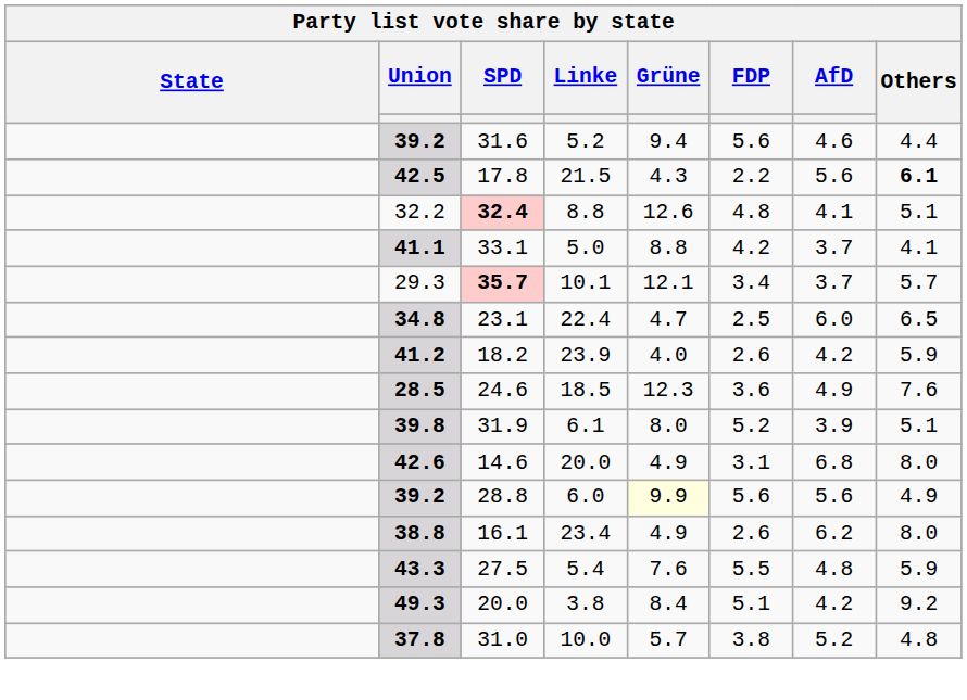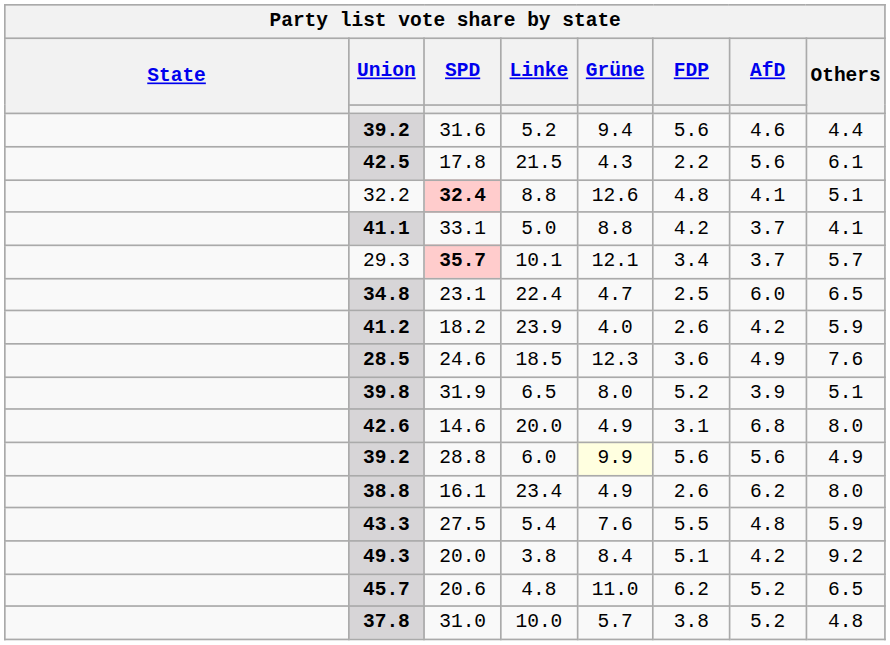 <table class="wikitable sortable" style="text-align:center;font-size:90%;line-height:14px">
 <tr>
 <th colspan=8>Party list vote share by state</th>
 </tr>
 <tr style="height:40px;">
 <th class="wikitable sortable" style="width:200px;" rowspan="2"><a href='#'>State</a></th>
 <th class="wikitable sortable" style="width:40px;"><a href='#'>Union</a></th>
 <th class="wikitable sortable" style="width:40px;"><a href='#'>SPD</a></th>
 <th class="wikitable sortable" style="width:40px;"><a href='#'>Linke</a></th>
 <th class="wikitable sortable" style="width:40px;"><a href='#'>Grüne</a></th>
 <th class="wikitable sortable" style="width:40px;"><a href='#'>FDP</a></th>
 <th class="wikitable sortable" style="width:40px;"><a href='#'>AfD</a></th>
 <th class="wikitable sortable" style="width:40px;" rowspan="2">Others</th>
 </tr>
 <tr>
 <th class="wikitable sortable" style="background:"></th>
 <th class="wikitable sortable" style="background:"></th>
 <th class="wikitable sortable" style="background:"></th>
 <th class="wikitable sortable" style="background:"></th>
 <th class="wikitable sortable" style="background:"></th>
 <th class="wikitable sortable" style="background:"></th>
 </tr>
 <tr>
 <td align="left"></td>
 <td style="background:#D7D5D7;"><strong>39.2</strong></td>
 <td>31.6</td>
 <td>5.2</td>
 <td>9.4</td>
 <td>5.6</td>
 <td>4.6</td>
 <td>4.4</td>
 </tr>
 <tr>
 <td align="left"></td>
 <td style="background:#D7D5D7;"><strong>42.5</strong></td>
 <td>17.8</td>
 <td>21.5</td>
 <td>4.3</td>
 <td>2.2</td>
 <td>5.6</td>
-<td><strong>6.1</strong></td>
+<td>6.1</td>
 </tr>
 <tr>
 <td align="left"></td>
 <td>32.2</td>
 <td style="background:#FFCCCC"><strong>32.4</strong></td>
 <td>8.8</td>
 <td>12.6</td>
 <td>4.8</td>
 <td>4.1</td>
 <td>5.1</td>
 </tr>
 <tr>
 <td align="left"></td>
 <td style="background:#D7D5D7;"><strong>41.1</strong></td>
 <td>33.1</td>
 <td>5.0</td>
 <td>8.8</td>
 <td>4.2</td>
 <td>3.7</td>
 <td>4.1</td>
 </tr>
 <tr>
 <td align="left"></td>
 <td>29.3</td>
 <td style="background:#FFCCCC"><strong>35.7</strong></td>
 <td>10.1</td>
 <td>12.1</td>
 <td>3.4</td>
 <td>3.7</td>
 <td>5.7</td>
 </tr>
 <tr>
 <td align="left"></td>
 <td style="background:#D7D5D7;"><strong>34.8</strong></td>
 <td>23.1</td>
 <td>22.4</td>
 <td>4.7</td>
 <td>2.5</td>
 <td>6.0</td>
 <td>6.5</td>
 </tr>
 <tr>
 <td align="left"></td>
 <td style="background:#D7D5D7;"><strong>41.2</strong></td>
 <td>18.2</td>
 <td>23.9</td>
 <td>4.0</td>
 <td>2.6</td>
 <td>4.2</td>
 <td>5.9</td>
 </tr>
 <tr>
 <td align="left"></td>
 <td style="background:#D7D5D7;"><strong>28.5</strong></td>
 <td>24.6</td>
 <td>18.5</td>
 <td>12.3</td>
 <td>3.6</td>
 <td>4.9</td>
 <td>7.6</td>
 </tr>
 <tr>
 <td align="left"></td>
 <td style="background:#D7D5D7;"><strong>39.8</strong></td>
 <td>31.9</td>
-<td>6.1</td>
+<td>6.5</td>
 <td>8.0</td>
 <td>5.2</td>
 <td>3.9</td>
 <td>5.1</td>
 </tr>
 <tr>
 <td align="left"></td>
 <td style="background:#D7D5D7;"><strong>42.6</strong></td>
 <td>14.6</td>
 <td>20.0</td>
 <td>4.9</td>
 <td>3.1</td>
 <td>6.8</td>
 <td>8.0</td>
 </tr>
 <tr>
 <td align="left"></td>
 <td style="background:#D7D5D7;"><strong>39.2</strong></td>
 <td>28.8</td>
 <td>6.0</td>
 <td style="background: lightyellow;">9.9</td>
 <td>5.6</td>
 <td>5.6</td>
 <td>4.9</td>
 </tr>
 <tr>
 <td align="left"></td>
 <td style="background:#D7D5D7;"><strong>38.8</strong></td>
 <td>16.1</td>
 <td>23.4</td>
 <td>4.9</td>
 <td>2.6</td>
 <td>6.2</td>
 <td>8.0</td>
 </tr>
 <tr>
 <td align="left"></td>
 <td style="background:#D7D5D7;"><strong>43.3</strong></td>
 <td>27.5</td>
 <td>5.4</td>
 <td>7.6</td>
 <td>5.5</td>
 <td>4.8</td>
 <td>5.9</td>
 </tr>
 <tr>
 <td align="left"></td>
 <td style="background:#D7D5D7;"><strong>49.3</strong></td>
 <td>20.0</td>
 <td>3.8</td>
 <td>8.4</td>
 <td>5.1</td>
 <td>4.2</td>
 <td>9.2</td>
 </tr>
 <tr>
 <td align="left"></td>
+<td style="background:#D7D5D7;"><strong>45.7</strong></td>
+<td>20.6</td>
+<td>4.8</td>
+<td>11.0</td>
+<td>6.2</td>
+<td>5.2</td>
+<td>6.5</td>
+</tr>
+<tr>
+<td align="left"></td>
 <td style="background:#D7D5D7;"><strong>37.8</strong></td>
 <td>31.0</td>
 <td>10.0</td>
 <td>5.7</td>
 <td>3.8</td>
 <td>5.2</td>
 <td>4.8</td>
 </tr>
 </table>
